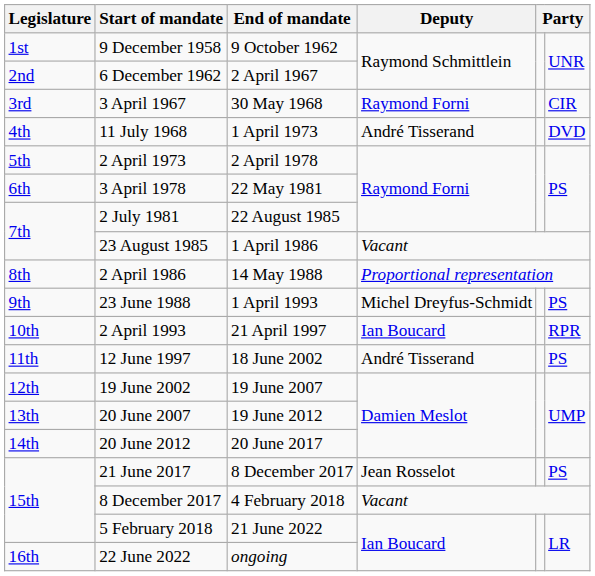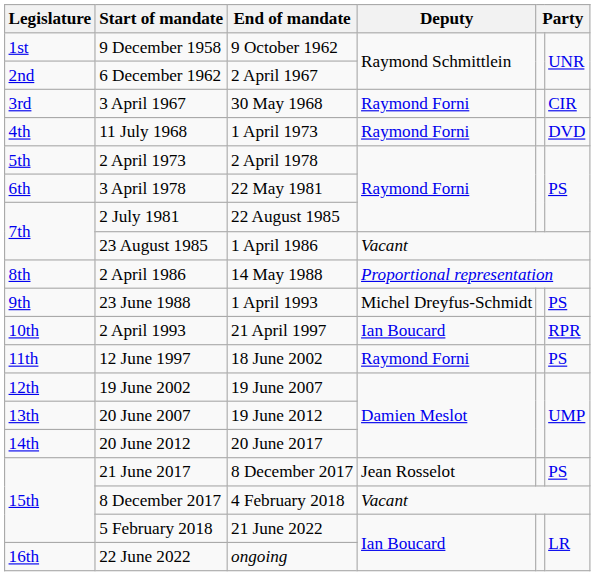 <table class="wikitable" style="font-size:95%;">
 <tr>
 <th>Legislature</th>
 <th>Start of mandate</th>
 <th>End of mandate</th>
 <th>Deputy</th>
 <th colspan="2">Party</th>
 </tr>
 <tr>
 <td><a href='#'>1st</a></td>
 <td>9 December 1958</td>
 <td>9 October 1962</td>
 <td rowspan="2">Raymond Schmittlein</td>
 <td rowspan="2" style="color:inherit;background:"></td>
 <td rowspan="2"><a href='#'>UNR</a></td>
 </tr>
 <tr>
 <td><a href='#'>2nd</a></td>
 <td>6 December 1962</td>
 <td>2 April 1967</td>
 </tr>
 <tr>
 <td><a href='#'>3rd</a></td>
 <td>3 April 1967</td>
 <td>30 May 1968</td>
 <td><a href='#'>Raymond Forni</a></td>
 <td style="color:inherit;background:"></td>
 <td><a href='#'>CIR</a></td>
 </tr>
 <tr>
 <td><a href='#'>4th</a></td>
 <td>11 July 1968</td>
 <td>1 April 1973</td>
-<td>André Tisserand</td>
+<td><a href='#'>Raymond Forni</a></td>
 <td style="color:inherit;background:"></td>
 <td><a href='#'>DVD</a></td>
 </tr>
 <tr>
 <td><a href='#'>5th</a></td>
 <td>2 April 1973</td>
 <td>2 April 1978</td>
 <td rowspan="3"><a href='#'>Raymond Forni</a></td>
 <td rowspan="3" style="color:inherit;background:"></td>
 <td rowspan="3"><a href='#'>PS</a></td>
 </tr>
 <tr>
 <td><a href='#'>6th</a></td>
 <td>3 April 1978</td>
 <td>22 May 1981</td>
 </tr>
 <tr>
 <td rowspan="2"><a href='#'>7th</a></td>
 <td>2 July 1981</td>
 <td>22 August 1985</td>
 </tr>
 <tr>
 <td>23 August 1985</td>
 <td>1 April 1986</td>
 <td colspan="3"><em>Vacant</em></td>
 </tr>
 <tr>
 <td><a href='#'>8th</a></td>
 <td>2 April 1986</td>
 <td>14 May 1988</td>
 <td colspan="3"><em><a href='#'>Proportional representation</a></em></td>
 </tr>
 <tr>
 <td><a href='#'>9th</a></td>
 <td>23 June 1988</td>
 <td>1 April 1993</td>
 <td>Michel Dreyfus-Schmidt</td>
 <td style="color:inherit;background:"></td>
 <td><a href='#'>PS</a></td>
 </tr>
 <tr>
 <td><a href='#'>10th</a></td>
 <td>2 April 1993</td>
 <td>21 April 1997</td>
 <td><a href='#'>Ian Boucard</a></td>
 <td style="color:inherit;background:"></td>
 <td><a href='#'>RPR</a></td>
 </tr>
 <tr>
 <td><a href='#'>11th</a></td>
 <td>12 June 1997</td>
 <td>18 June 2002</td>
-<td>André Tisserand</td>
+<td><a href='#'>Raymond Forni</a></td>
 <td style="color:inherit;background:"></td>
 <td><a href='#'>PS</a></td>
 </tr>
 <tr>
 <td><a href='#'>12th</a></td>
 <td>19 June 2002</td>
 <td>19 June 2007</td>
 <td rowspan="3"><a href='#'>Damien Meslot</a></td>
 <td rowspan="3" style="color:inherit;background:"></td>
 <td rowspan="3"><a href='#'>UMP</a></td>
 </tr>
 <tr>
 <td><a href='#'>13th</a></td>
 <td>20 June 2007</td>
 <td>19 June 2012</td>
 </tr>
 <tr>
 <td><a href='#'>14th</a></td>
 <td>20 June 2012</td>
 <td>20 June 2017</td>
 </tr>
 <tr>
 <td rowspan="3"><a href='#'>15th</a></td>
 <td>21 June 2017</td>
 <td>8 December 2017</td>
 <td>Jean Rosselot</td>
 <td style="color:inherit;background:"></td>
 <td><a href='#'>PS</a></td>
 </tr>
 <tr>
 <td>8 December 2017</td>
 <td>4 February 2018</td>
 <td colspan="3"><em>Vacant</em></td>
 </tr>
 <tr>
 <td>5 February 2018</td>
 <td>21 June 2022</td>
 <td rowspan="2"><a href='#'>Ian Boucard</a></td>
 <td rowspan="2" style="color:inherit;background:"></td>
 <td rowspan="2"><a href='#'>LR</a></td>
 </tr>
 <tr>
 <td><a href='#'>16th</a></td>
 <td>22 June 2022</td>
 <td><em>ongoing</em></td>
 </tr>
 </table>
